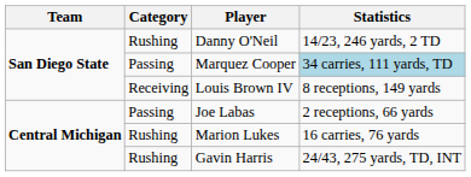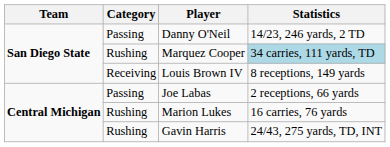 <table class="wikitable" style="float: right;">
 <tr>
 <th>Team</th>
 <th>Category</th>
 <th>Player</th>
 <th>Statistics</th>
 </tr>
 <tr>
 <td rowspan=3><strong>San Diego State</strong></td>
-<td>Rushing</td>
+<td>Passing</td>
 <td>Danny O'Neil</td>
 <td>14/23, 246 yards, 2 TD</td>
 </tr>
 <tr>
-<td>Passing</td>
+<td>Rushing</td>
 <td>Marquez Cooper</td>
 <td style="background: lightblue;">34 carries, 111 yards, TD</td>
 </tr>
 <tr>
 <td>Receiving</td>
 <td>Louis Brown IV</td>
 <td>8 receptions, 149 yards</td>
 </tr>
 <tr>
 <td rowspan=3><strong>Central Michigan</strong></td>
 <td>Passing</td>
 <td>Joe Labas</td>
 <td>2 receptions, 66 yards</td>
 </tr>
 <tr>
 <td>Rushing</td>
 <td>Marion Lukes</td>
 <td>16 carries, 76 yards</td>
 </tr>
 <tr>
 <td>Rushing</td>
 <td>Gavin Harris</td>
 <td>24/43, 275 yards, TD, INT</td>
 </tr>
 </table>
